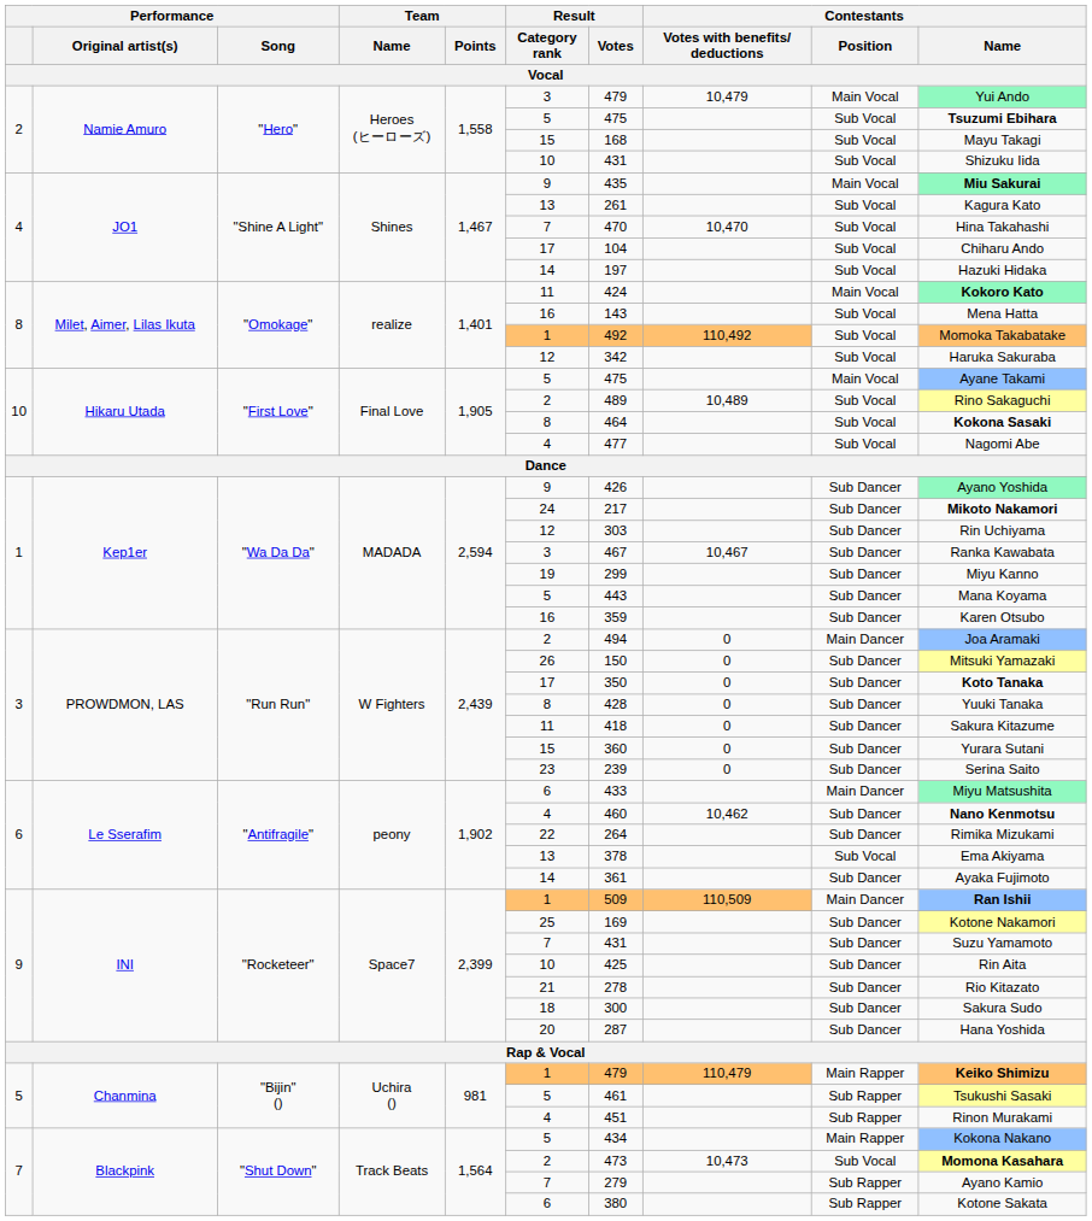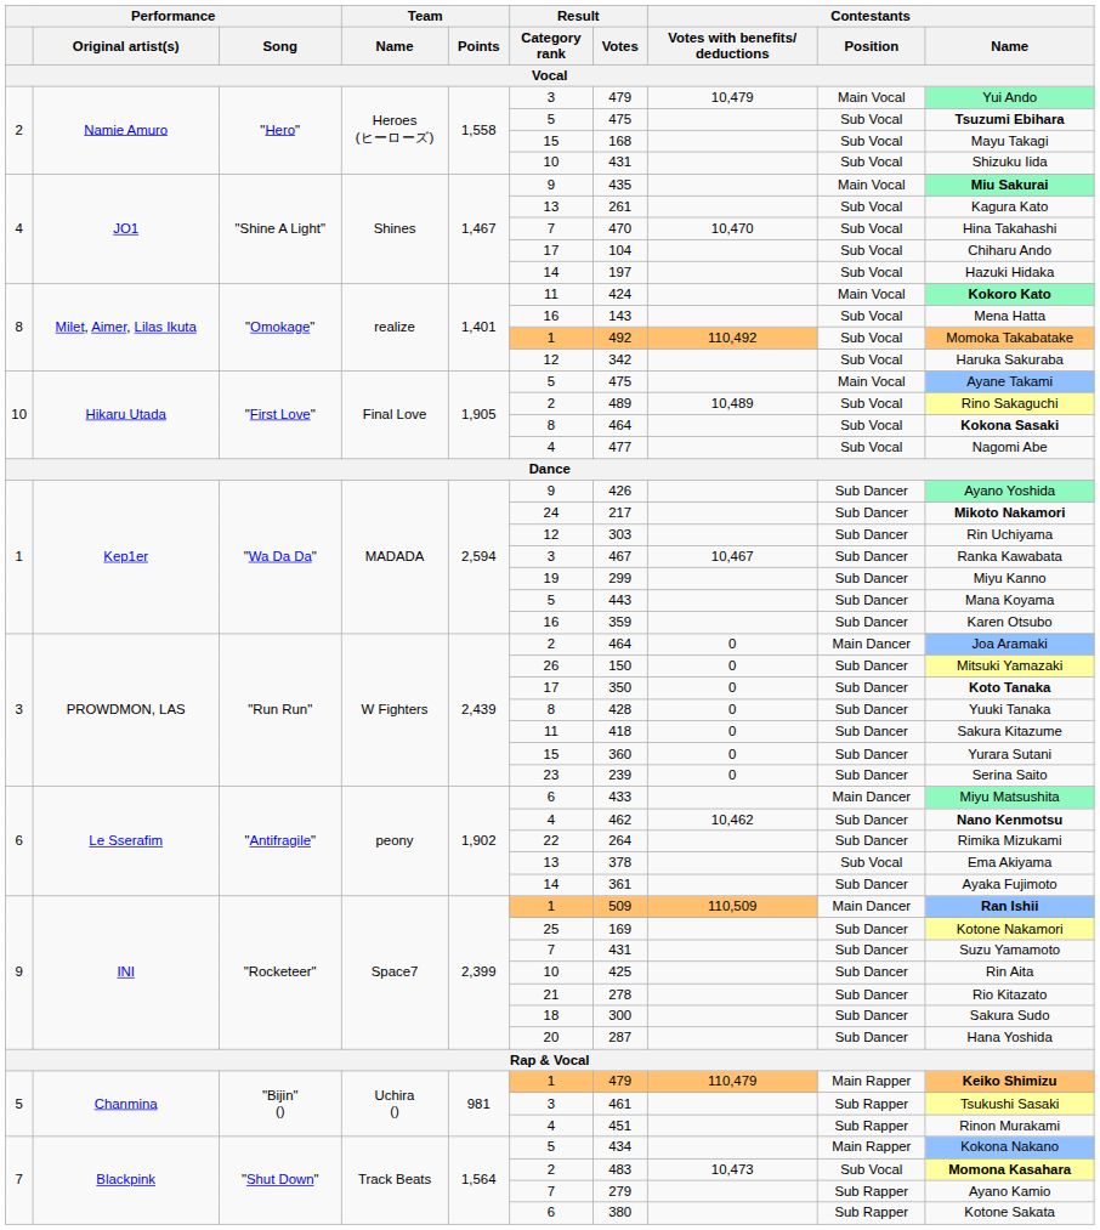 <table class="wikitable sortable collapsible" style="width: 100%; text-align:center">
 <tr>
 <th scope="col" colspan="3">Performance</th>
 <th scope="col" colspan="2">Team</th>
 <th scope="col" colspan="2">Result</th>
 <th scope="col" colspan="3">Contestants</th>
 </tr>
 <tr>
 <th scope="col"></th>
 <th scope="col">Original artist(s)</th>
 <th scope="col">Song</th>
 <th scope="col">Name</th>
 <th scope="col">Points</th>
 <th scope="col">Category<br>rank</th>
 <th scope="col">Votes</th>
 <th scope="col">Votes with benefits/<br>deductions</th>
 <th scope="col">Position</th>
 <th scope="col">Name</th>
 </tr>
 <tr>
 <th colspan="10">Vocal</th>
 </tr>
 <tr>
 <td rowspan="4">2</td>
 <td rowspan="4"><a href='#'>Namie Amuro</a></td>
 <td rowspan="4">"<a href='#'>Hero</a>"</td>
 <td rowspan="4">Heroes<br>(ヒーローズ)</td>
 <td rowspan="4">1,558</td>
 <td>3</td>
 <td>479</td>
 <td>10,479</td>
 <td>Main Vocal</td>
 <td style="background:#90F9C0">Yui Ando</td>
 </tr>
 <tr>
 <td>5</td>
 <td>475</td>
 <td></td>
 <td>Sub Vocal</td>
 <td><strong>Tsuzumi Ebihara</strong></td>
 </tr>
 <tr>
 <td>15</td>
 <td>168</td>
 <td></td>
 <td>Sub Vocal</td>
 <td>Mayu Takagi</td>
 </tr>
 <tr>
 <td>10</td>
 <td>431</td>
 <td></td>
 <td>Sub Vocal</td>
 <td>Shizuku Iida</td>
 </tr>
 <tr>
 <td rowspan="5">4</td>
 <td rowspan="5"><a href='#'>JO1</a></td>
 <td rowspan="5">"Shine A Light"</td>
 <td rowspan="5">Shines</td>
 <td rowspan="5">1,467</td>
 <td>9</td>
 <td>435</td>
 <td></td>
 <td>Main Vocal</td>
 <td style="background:#90F9C0"><strong>Miu Sakurai</strong></td>
 </tr>
 <tr>
 <td>13</td>
 <td>261</td>
 <td></td>
 <td>Sub Vocal</td>
 <td>Kagura Kato</td>
 </tr>
 <tr>
 <td>7</td>
 <td>470</td>
 <td>10,470</td>
 <td>Sub Vocal</td>
 <td>Hina Takahashi</td>
 </tr>
 <tr>
 <td>17</td>
 <td>104</td>
 <td></td>
 <td>Sub Vocal</td>
 <td>Chiharu Ando</td>
 </tr>
 <tr>
 <td>14</td>
 <td>197</td>
 <td></td>
 <td>Sub Vocal</td>
 <td>Hazuki Hidaka</td>
 </tr>
 <tr>
 <td rowspan="4">8</td>
 <td rowspan="4"><a href='#'>Milet</a>, <a href='#'>Aimer</a>, <a href='#'>Lilas Ikuta</a></td>
 <td rowspan="4">"<a href='#'>Omokage</a>"<br></td>
 <td rowspan="4">realize</td>
 <td rowspan="4">1,401</td>
 <td>11</td>
 <td>424</td>
 <td></td>
 <td>Main Vocal</td>
 <td style="background:#90F9C0"><strong>Kokoro Kato</strong></td>
 </tr>
 <tr>
 <td>16</td>
 <td>143</td>
 <td></td>
 <td>Sub Vocal</td>
 <td>Mena Hatta</td>
 </tr>
 <tr>
 <td style="background:#FFC06F">1</td>
 <td style="background:#FFC06F">492</td>
 <td style="background:#FFC06F">110,492</td>
 <td>Sub Vocal</td>
 <td style="background:#FFC06F">Momoka Takabatake</td>
 </tr>
 <tr>
 <td>12</td>
 <td>342</td>
 <td></td>
 <td>Sub Vocal</td>
 <td>Haruka Sakuraba</td>
 </tr>
 <tr>
 <td rowspan="4">10</td>
 <td rowspan="4"><a href='#'>Hikaru Utada</a></td>
 <td rowspan="4">"<a href='#'>First Love</a>"</td>
 <td rowspan="4">Final Love</td>
 <td rowspan="4">1,905</td>
 <td>5</td>
 <td>475</td>
 <td></td>
 <td>Main Vocal</td>
 <td style="background:#90C0FF">Ayane Takami</td>
 </tr>
 <tr>
 <td>2</td>
 <td>489</td>
 <td>10,489</td>
 <td>Sub Vocal</td>
 <td style="background:#FFFF9F">Rino Sakaguchi</td>
 </tr>
 <tr>
 <td>8</td>
 <td>464</td>
 <td></td>
 <td>Sub Vocal</td>
 <td><strong>Kokona Sasaki</strong></td>
 </tr>
 <tr>
 <td>4</td>
 <td>477</td>
 <td></td>
 <td>Sub Vocal</td>
 <td>Nagomi Abe</td>
 </tr>
 <tr>
 <th colspan="10">Dance</th>
 </tr>
 <tr>
 <td rowspan="7">1</td>
 <td rowspan="7"><a href='#'>Kep1er</a></td>
 <td rowspan="7">"<a href='#'>Wa Da Da</a>"</td>
 <td rowspan="7">MADADA</td>
 <td rowspan="7">2,594</td>
 <td>9</td>
 <td>426</td>
 <td></td>
 <td>Sub Dancer</td>
 <td style="background:#90F9C0">Ayano Yoshida</td>
 </tr>
 <tr>
 <td>24</td>
 <td>217</td>
 <td></td>
 <td>Sub Dancer</td>
 <td><strong>Mikoto Nakamori</strong></td>
 </tr>
 <tr>
 <td>12</td>
 <td>303</td>
 <td></td>
 <td>Sub Dancer</td>
 <td>Rin Uchiyama</td>
 </tr>
 <tr>
 <td>3</td>
 <td>467</td>
 <td>10,467</td>
 <td>Sub Dancer</td>
 <td>Ranka Kawabata</td>
 </tr>
 <tr>
 <td>19</td>
 <td>299</td>
 <td></td>
 <td>Sub Dancer</td>
 <td>Miyu Kanno</td>
 </tr>
 <tr>
 <td>5</td>
 <td>443</td>
 <td></td>
 <td>Sub Dancer</td>
 <td>Mana Koyama</td>
 </tr>
 <tr>
 <td>16</td>
 <td>359</td>
 <td></td>
 <td>Sub Dancer</td>
 <td>Karen Otsubo</td>
 </tr>
 <tr>
 <td rowspan="7">3</td>
 <td rowspan="7">PROWDMON, LAS</td>
 <td rowspan="7">"Run Run"</td>
 <td rowspan="7">W Fighters</td>
 <td rowspan="7">2,439</td>
 <td>2</td>
-<td>494</td>
+<td>464</td>
 <td>0</td>
 <td>Main Dancer</td>
 <td style="background:#90C0FF">Joa Aramaki</td>
 </tr>
 <tr>
 <td>26</td>
 <td>150</td>
 <td>0</td>
 <td>Sub Dancer</td>
 <td style="background:#FFFF9F">Mitsuki Yamazaki</td>
 </tr>
 <tr>
 <td>17</td>
 <td>350</td>
 <td>0</td>
 <td>Sub Dancer</td>
 <td><strong>Koto Tanaka</strong></td>
 </tr>
 <tr>
 <td>8</td>
 <td>428</td>
 <td>0</td>
 <td>Sub Dancer</td>
 <td>Yuuki Tanaka</td>
 </tr>
 <tr>
 <td>11</td>
 <td>418</td>
 <td>0</td>
 <td>Sub Dancer</td>
 <td>Sakura Kitazume</td>
 </tr>
 <tr>
 <td>15</td>
 <td>360</td>
 <td>0</td>
 <td>Sub Dancer</td>
 <td>Yurara Sutani</td>
 </tr>
 <tr>
 <td>23</td>
 <td>239</td>
 <td>0</td>
 <td>Sub Dancer</td>
 <td>Serina Saito</td>
 </tr>
 <tr>
 <td rowspan="5">6</td>
 <td rowspan="5"><a href='#'>Le Sserafim</a></td>
 <td rowspan="5">"<a href='#'>Antifragile</a>"</td>
 <td rowspan="5">peony</td>
 <td rowspan="5">1,902</td>
 <td>6</td>
 <td>433</td>
 <td></td>
 <td>Main Dancer</td>
 <td style="background:#90F9C0">Miyu Matsushita</td>
 </tr>
 <tr>
 <td>4</td>
-<td>460</td>
+<td>462</td>
 <td>10,462</td>
 <td>Sub Dancer</td>
 <td><strong>Nano Kenmotsu</strong></td>
 </tr>
 <tr>
 <td>22</td>
 <td>264</td>
 <td></td>
 <td>Sub Dancer</td>
 <td>Rimika Mizukami</td>
 </tr>
 <tr>
 <td>13</td>
 <td>378</td>
 <td></td>
 <td>Sub Vocal</td>
 <td>Ema Akiyama</td>
 </tr>
 <tr>
 <td>14</td>
 <td>361</td>
 <td></td>
 <td>Sub Dancer</td>
 <td>Ayaka Fujimoto</td>
 </tr>
 <tr>
 <td rowspan="7">9</td>
 <td rowspan="7"><a href='#'>INI</a></td>
 <td rowspan="7">"Rocketeer"</td>
 <td rowspan="7">Space7</td>
 <td rowspan="7">2,399</td>
 <td style="background:#FFC06F">1</td>
 <td style="background:#FFC06F">509</td>
 <td style="background:#FFC06F">110,509</td>
 <td>Main Dancer</td>
 <td style="background:#90C0FF"><strong>Ran Ishii</strong></td>
 </tr>
 <tr>
 <td>25</td>
 <td>169</td>
 <td></td>
 <td>Sub Dancer</td>
 <td style="background:#FFFF9F">Kotone Nakamori</td>
 </tr>
 <tr>
 <td>7</td>
 <td>431</td>
 <td></td>
 <td>Sub Dancer</td>
 <td>Suzu Yamamoto</td>
 </tr>
 <tr>
 <td>10</td>
 <td>425</td>
 <td></td>
 <td>Sub Dancer</td>
 <td>Rin Aita</td>
 </tr>
 <tr>
 <td>21</td>
 <td>278</td>
 <td></td>
 <td>Sub Dancer</td>
 <td>Rio Kitazato</td>
 </tr>
 <tr>
 <td>18</td>
 <td>300</td>
 <td></td>
 <td>Sub Dancer</td>
 <td>Sakura Sudo</td>
 </tr>
 <tr>
 <td>20</td>
 <td>287</td>
 <td></td>
 <td>Sub Dancer</td>
 <td>Hana Yoshida</td>
 </tr>
 <tr>
 <th colspan="10">Rap & Vocal</th>
 </tr>
 <tr>
 <td rowspan="3">5</td>
 <td rowspan="3"><a href='#'>Chanmina</a></td>
 <td rowspan="3">"Bijin"<br>()</td>
 <td rowspan="3">Uchira<br>()</td>
 <td rowspan="3">981</td>
 <td style="background:#FFC06F">1</td>
 <td style="background:#FFC06F">479</td>
 <td style="background:#FFC06F">110,479</td>
 <td>Main Rapper</td>
 <td style="background:#FFC06F"><strong>Keiko Shimizu</strong></td>
 </tr>
 <tr>
-<td>5</td>
+<td>3</td>
 <td>461</td>
 <td></td>
 <td>Sub Rapper</td>
 <td style="background:#FFFF9F">Tsukushi Sasaki</td>
 </tr>
 <tr>
 <td>4</td>
 <td>451</td>
 <td></td>
 <td>Sub Rapper</td>
 <td>Rinon Murakami</td>
 </tr>
 <tr>
 <td rowspan="4">7</td>
 <td rowspan="4"><a href='#'>Blackpink</a></td>
 <td rowspan="4">"<a href='#'>Shut Down</a>"</td>
 <td rowspan="4">Track Beats</td>
 <td rowspan="4">1,564</td>
 <td>5</td>
 <td>434</td>
 <td></td>
 <td>Main Rapper</td>
 <td style="background:#90C0FF">Kokona Nakano</td>
 </tr>
 <tr>
 <td>2</td>
-<td>473</td>
+<td>483</td>
 <td>10,473</td>
 <td>Sub Vocal</td>
 <td style="background:#FFFF9F"><strong>Momona Kasahara</strong></td>
 </tr>
 <tr>
 <td>7</td>
 <td>279</td>
 <td></td>
 <td>Sub Rapper</td>
 <td>Ayano Kamio</td>
 </tr>
 <tr>
 <td>6</td>
 <td>380</td>
 <td></td>
 <td>Sub Rapper</td>
 <td>Kotone Sakata</td>
 </tr>
 </table>
